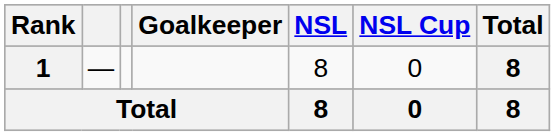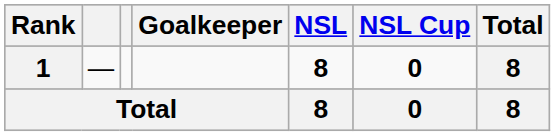 <table class="wikitable sortable" style="text-align:center">
 <tr>
 <th>Rank</th>
 <th></th>
 <th></th>
 <th>Goalkeeper</th>
 <th><a href='#'>NSL</a></th>
 <th><a href='#'>NSL Cup</a></th>
 <th>Total</th>
 </tr>
 <tr>
 <th>1</th>
 <td>—</td>
 <td></td>
 <td align="left"></td>
-<td>8</td>
-<td>0</td>
+<td><strong>8</strong></td>
+<td><strong>0</strong></td>
 <th>8</th>
 </tr>
 <tr>
 <th colspan="4">Total</th>
 <th>8</th>
 <th>0</th>
 <th>8</th>
 </tr>
 </table>
